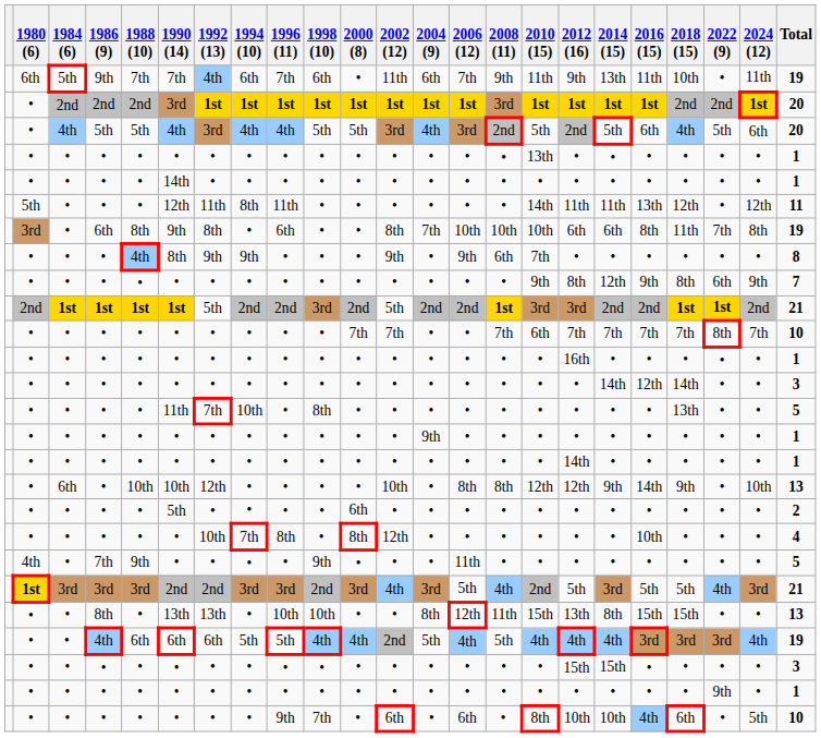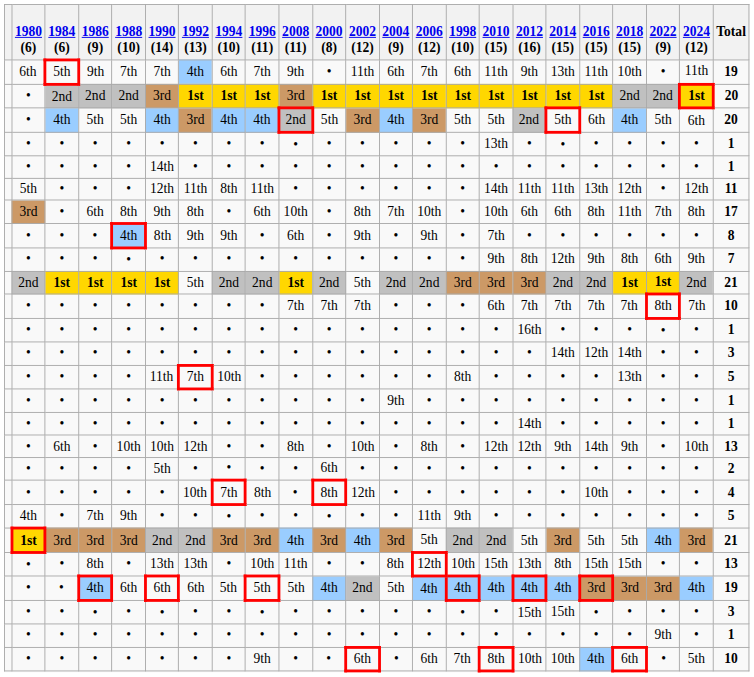 <table class="wikitable shortable" style="text-align:center; font-size:90%">
 <tr>
 <th></th>
 <th><br><a href='#'>1980</a><br>(6)</th>
 <th><br><a href='#'>1984</a><br>(6)</th>
 <th><br><a href='#'>1986</a><br>(9)</th>
 <th><br><a href='#'>1988</a><br>(10)</th>
 <th><br><a href='#'>1990</a><br>(14)</th>
 <th><br><a href='#'>1992</a><br>(13)</th>
 <th><br><a href='#'>1994</a><br>(10)</th>
 <th><br><a href='#'>1996</a><br>(11)</th>
-<th><br><a href='#'>1998</a><br>(10)</th>
+<th><br><a href='#'>2008</a><br>(11)</th>
 <th><br><a href='#'>2000</a><br>(8)</th>
 <th><br><a href='#'>2002</a><br>(12)</th>
 <th><br><a href='#'>2004</a><br>(9)</th>
 <th><br><a href='#'>2006</a><br>(12)</th>
-<th><br><a href='#'>2008</a><br>(11)</th>
+<th><br><a href='#'>1998</a><br>(10)</th>
 <th><br><a href='#'>2010</a><br>(15)</th>
 <th><br><a href='#'>2012</a><br>(16)</th>
 <th><br><a href='#'>2014</a><br>(15)</th>
 <th><br><a href='#'>2016</a><br>(15)</th>
 <th><br><a href='#'>2018</a><br>(15)</th>
 <th><br><a href='#'>2022</a><br>(9)</th>
 <th><br><a href='#'>2024</a><br>(12)</th>
 <th>Total</th>
 </tr>
 <tr>
 <td align=left></td>
 <td>6th</td>
 <td style="border:3px solid red">5th</td>
 <td>9th</td>
 <td>7th</td>
 <td>7th</td>
 <td bgcolor="9acdff">4th</td>
 <td>6th</td>
 <td>7th</td>
-<td>6th</td>
+<td>9th</td>
 <td>•</td>
 <td>11th</td>
 <td>6th</td>
 <td>7th</td>
-<td>9th</td>
+<td>6th</td>
 <td>11th</td>
 <td>9th</td>
 <td>13th</td>
 <td>11th</td>
 <td>10th</td>
 <td>•</td>
 <td>11th</td>
 <td><strong>19</strong></td>
 </tr>
 <tr>
 <td align=left></td>
 <td>•</td>
 <td bgcolor=silver>2nd</td>
 <td bgcolor=silver>2nd</td>
 <td bgcolor=silver>2nd</td>
 <td bgcolor=#cc9966>3rd</td>
 <td bgcolor=gold><strong>1st</strong></td>
 <td bgcolor=gold><strong>1st</strong></td>
 <td bgcolor=gold><strong>1st</strong></td>
+<td bgcolor=#cc9966>3rd</td>
 <td bgcolor=gold><strong>1st</strong></td>
 <td bgcolor=gold><strong>1st</strong></td>
 <td bgcolor=gold><strong>1st</strong></td>
 <td bgcolor=gold><strong>1st</strong></td>
 <td bgcolor=gold><strong>1st</strong></td>
-<td bgcolor=#cc9966>3rd</td>
 <td bgcolor=gold><strong>1st</strong></td>
 <td bgcolor=gold><strong>1st</strong></td>
 <td bgcolor=gold><strong>1st</strong></td>
 <td bgcolor=gold><strong>1st</strong></td>
 <td bgcolor=silver>2nd</td>
 <td bgcolor=silver>2nd</td>
 <td style="border:3px solid red" bgcolor=gold><strong>1st</strong></td>
 <td><strong>20</strong></td>
 </tr>
 <tr>
 <td align=left></td>
 <td>•</td>
 <td bgcolor="9acdff">4th</td>
 <td>5th</td>
 <td>5th</td>
 <td bgcolor="9acdff">4th</td>
 <td bgcolor=#cc9966>3rd</td>
 <td bgcolor="9acdff">4th</td>
 <td bgcolor="9acdff">4th</td>
-<td>5th</td>
+<td style="border:3px solid red" bgcolor=silver>2nd</td>
 <td>5th</td>
 <td bgcolor=#cc9966>3rd</td>
 <td bgcolor="9acdff">4th</td>
 <td bgcolor=#cc9966>3rd</td>
-<td style="border:3px solid red" bgcolor=silver>2nd</td>
+<td>5th</td>
 <td>5th</td>
 <td bgcolor=silver>2nd</td>
 <td style="border:3px solid red">5th</td>
 <td>6th</td>
 <td bgcolor="9acdff">4th</td>
 <td>5th</td>
 <td>6th</td>
 <td><strong>20</strong></td>
 </tr>
 <tr>
 <td align=left></td>
 <td>•</td>
 <td>•</td>
 <td>•</td>
 <td>•</td>
 <td>•</td>
 <td>•</td>
 <td>•</td>
 <td>•</td>
 <td>•</td>
 <td>•</td>
 <td>•</td>
 <td>•</td>
 <td>•</td>
 <td>•</td>
 <td>13th</td>
 <td>•</td>
 <td>•</td>
 <td>•</td>
 <td>•</td>
 <td>•</td>
 <td>•</td>
 <td><strong>1</strong></td>
 </tr>
 <tr>
 <td align=left></td>
 <td>•</td>
 <td>•</td>
 <td>•</td>
 <td>•</td>
 <td>14th</td>
 <td>•</td>
 <td>•</td>
 <td>•</td>
 <td>•</td>
 <td>•</td>
 <td>•</td>
 <td>•</td>
 <td>•</td>
 <td>•</td>
 <td>•</td>
 <td>•</td>
 <td>•</td>
 <td>•</td>
 <td>•</td>
 <td>•</td>
 <td>•</td>
 <td><strong>1</strong></td>
 </tr>
 <tr>
 <td align=left></td>
 <td>5th</td>
 <td>•</td>
 <td>•</td>
 <td>•</td>
 <td>12th</td>
 <td>11th</td>
 <td>8th</td>
 <td>11th</td>
 <td>•</td>
 <td>•</td>
 <td>•</td>
 <td>•</td>
 <td>•</td>
 <td>•</td>
 <td>14th</td>
 <td>11th</td>
 <td>11th</td>
 <td>13th</td>
 <td>12th</td>
 <td>•</td>
 <td>12th</td>
 <td><strong>11</strong></td>
 </tr>
 <tr>
 <td align=left></td>
 <td bgcolor=#cc9966>3rd</td>
 <td>•</td>
 <td>6th</td>
 <td>8th</td>
 <td>9th</td>
 <td>8th</td>
 <td>•</td>
 <td>6th</td>
-<td>•</td>
+<td>10th</td>
 <td>•</td>
 <td>8th</td>
 <td>7th</td>
 <td>10th</td>
-<td>10th</td>
+<td>•</td>
 <td>10th</td>
 <td>6th</td>
 <td>6th</td>
 <td>8th</td>
 <td>11th</td>
 <td>7th</td>
 <td>8th</td>
-<td><strong>19</strong></td>
+<td><strong>17</strong></td>
 </tr>
 <tr>
 <td align=left></td>
 <td>•</td>
 <td>•</td>
 <td>•</td>
 <td style="border:3px solid red" bgcolor="9acdff">4th</td>
 <td>8th</td>
 <td>9th</td>
 <td>9th</td>
 <td>•</td>
-<td>•</td>
+<td>6th</td>
 <td>•</td>
 <td>9th</td>
 <td>•</td>
 <td>9th</td>
-<td>6th</td>
+<td>•</td>
 <td>7th</td>
 <td>•</td>
 <td>•</td>
 <td>•</td>
 <td>•</td>
 <td>•</td>
 <td>•</td>
 <td><strong>8</strong></td>
 </tr>
 <tr>
 <td align=left></td>
 <td>•</td>
 <td>•</td>
 <td>•</td>
 <td>•</td>
 <td>•</td>
 <td>•</td>
 <td>•</td>
 <td>•</td>
 <td>•</td>
 <td>•</td>
 <td>•</td>
 <td>•</td>
 <td>•</td>
 <td>•</td>
 <td>9th</td>
 <td>8th</td>
 <td>12th</td>
 <td>9th</td>
 <td>8th</td>
 <td>6th</td>
 <td>9th</td>
 <td><strong>7</strong></td>
 </tr>
 <tr>
 <td align=left></td>
 <td bgcolor=silver>2nd</td>
 <td bgcolor=gold><strong>1st</strong></td>
 <td bgcolor=gold><strong>1st</strong></td>
 <td bgcolor=gold><strong>1st</strong></td>
 <td bgcolor=gold><strong>1st</strong></td>
 <td>5th</td>
 <td bgcolor=silver>2nd</td>
 <td bgcolor=silver>2nd</td>
-<td bgcolor=#cc9966>3rd</td>
+<td bgcolor=gold><strong>1st</strong></td>
 <td bgcolor=silver>2nd</td>
 <td>5th</td>
 <td bgcolor=silver>2nd</td>
 <td bgcolor=silver>2nd</td>
-<td bgcolor=gold><strong>1st</strong></td>
+<td bgcolor=#cc9966>3rd</td>
 <td bgcolor=#cc9966>3rd</td>
 <td bgcolor=#cc9966>3rd</td>
 <td bgcolor=silver>2nd</td>
 <td bgcolor=silver>2nd</td>
 <td bgcolor=gold><strong>1st</strong></td>
 <td bgcolor=gold><strong>1st</strong></td>
 <td bgcolor=silver>2nd</td>
 <td><strong>21</strong></td>
 </tr>
 <tr>
 <td Balign=left></td>
 <td>•</td>
 <td>•</td>
 <td>•</td>
 <td>•</td>
 <td>•</td>
 <td>•</td>
 <td>•</td>
 <td>•</td>
-<td>•</td>
+<td>7th</td>
 <td>7th</td>
 <td>7th</td>
 <td>•</td>
 <td>•</td>
-<td>7th</td>
+<td>•</td>
 <td>6th</td>
 <td>7th</td>
 <td>7th</td>
 <td>7th</td>
 <td>7th</td>
 <td style="border:3px solid red">8th</td>
 <td>7th</td>
 <td><strong>10</strong></td>
 </tr>
 <tr>
 <td align=left></td>
 <td>•</td>
 <td>•</td>
 <td>•</td>
 <td>•</td>
 <td>•</td>
 <td>•</td>
 <td>•</td>
 <td>•</td>
 <td>•</td>
 <td>•</td>
 <td>•</td>
 <td>•</td>
 <td>•</td>
 <td>•</td>
 <td>•</td>
 <td>16th</td>
 <td>•</td>
 <td>•</td>
 <td>•</td>
 <td>•</td>
 <td>•</td>
 <td><strong>1</strong></td>
 </tr>
 <tr>
 <td align=left></td>
 <td>•</td>
 <td>•</td>
 <td>•</td>
 <td>•</td>
 <td>•</td>
 <td>•</td>
 <td>•</td>
 <td>•</td>
 <td>•</td>
 <td>•</td>
 <td>•</td>
 <td>•</td>
 <td>•</td>
 <td>•</td>
 <td>•</td>
 <td>•</td>
 <td>14th</td>
 <td>12th</td>
 <td>14th</td>
 <td>•</td>
 <td>•</td>
 <td><strong>3</strong></td>
 </tr>
 <tr>
 <td align=left></td>
 <td>•</td>
 <td>•</td>
 <td>•</td>
 <td>•</td>
 <td>11th</td>
 <td style="border:3px solid red">7th</td>
 <td>10th</td>
 <td>•</td>
-<td>8th</td>
 <td>•</td>
 <td>•</td>
 <td>•</td>
 <td>•</td>
 <td>•</td>
+<td>8th</td>
 <td>•</td>
 <td>•</td>
 <td>•</td>
 <td>•</td>
 <td>13th</td>
 <td>•</td>
 <td>•</td>
 <td><strong>5</strong></td>
 </tr>
 <tr>
 <td align=left></td>
 <td>•</td>
 <td>•</td>
 <td>•</td>
 <td>•</td>
 <td>•</td>
 <td>•</td>
 <td>•</td>
 <td>•</td>
 <td>•</td>
 <td>•</td>
 <td>•</td>
 <td>9th</td>
 <td>•</td>
 <td>•</td>
 <td>•</td>
 <td>•</td>
 <td>•</td>
 <td>•</td>
 <td>•</td>
 <td>•</td>
 <td>•</td>
 <td><strong>1</strong></td>
 </tr>
 <tr>
 <td align=left></td>
 <td>•</td>
 <td>•</td>
 <td>•</td>
 <td>•</td>
 <td>•</td>
 <td>•</td>
 <td>•</td>
 <td>•</td>
 <td>•</td>
 <td>•</td>
 <td>•</td>
 <td>•</td>
 <td>•</td>
 <td>•</td>
 <td>•</td>
 <td>14th</td>
 <td>•</td>
 <td>•</td>
 <td>•</td>
 <td>•</td>
 <td>•</td>
 <td><strong>1</strong></td>
 </tr>
 <tr>
 <td align=left></td>
 <td>•</td>
 <td>6th</td>
 <td>•</td>
 <td>10th</td>
 <td>10th</td>
 <td>12th</td>
 <td>•</td>
 <td>•</td>
-<td>•</td>
+<td>8th</td>
 <td>•</td>
 <td>10th</td>
 <td>•</td>
 <td>8th</td>
-<td>8th</td>
+<td>•</td>
 <td>12th</td>
 <td>12th</td>
 <td>9th</td>
 <td>14th</td>
 <td>9th</td>
 <td>•</td>
 <td>10th</td>
 <td><strong>13</strong></td>
 </tr>
 <tr>
 <td align=left></td>
 <td>•</td>
 <td>•</td>
 <td>•</td>
 <td>•</td>
 <td>5th</td>
 <td>•</td>
 <td>•</td>
 <td>•</td>
 <td>•</td>
 <td>6th</td>
 <td>•</td>
 <td>•</td>
 <td>•</td>
 <td>•</td>
 <td>•</td>
 <td>•</td>
 <td>•</td>
 <td>•</td>
 <td>•</td>
 <td>•</td>
 <td>•</td>
 <td><strong>2</strong></td>
 </tr>
 <tr>
 <td align=left></td>
 <td>•</td>
 <td>•</td>
 <td>•</td>
 <td>•</td>
 <td>•</td>
 <td>10th</td>
 <td style="border:3px solid red">7th</td>
 <td>8th</td>
 <td>•</td>
 <td style="border:3px solid red">8th</td>
 <td>12th</td>
 <td>•</td>
 <td>•</td>
 <td>•</td>
 <td>•</td>
 <td>•</td>
 <td>•</td>
 <td>10th</td>
 <td>•</td>
 <td>•</td>
 <td>•</td>
 <td><strong>4</strong></td>
 </tr>
 <tr>
 <td align=left></td>
 <td>4th</td>
 <td>•</td>
 <td>7th</td>
 <td>9th</td>
 <td>•</td>
 <td>•</td>
 <td>•</td>
 <td>•</td>
-<td>9th</td>
+<td>•</td>
 <td>•</td>
 <td>•</td>
 <td>•</td>
 <td>11th</td>
-<td>•</td>
+<td>9th</td>
 <td>•</td>
 <td>•</td>
 <td>•</td>
 <td>•</td>
 <td>•</td>
 <td>•</td>
 <td>•</td>
 <td><strong>5</strong></td>
 </tr>
 <tr>
 <td align=left></td>
 <td style="border:3px solid red" bgcolor=gold><strong>1st</strong></td>
 <td bgcolor=#cc9966>3rd</td>
 <td bgcolor=#cc9966>3rd</td>
 <td bgcolor=#cc9966>3rd</td>
 <td bgcolor=silver>2nd</td>
 <td bgcolor=silver>2nd</td>
 <td bgcolor=#cc9966>3rd</td>
 <td bgcolor=#cc9966>3rd</td>
-<td bgcolor=silver>2nd</td>
+<td bgcolor="9acdff">4th</td>
 <td bgcolor=#cc9966>3rd</td>
 <td bgcolor="9acdff">4th</td>
 <td bgcolor=#cc9966>3rd</td>
 <td>5th</td>
-<td bgcolor="9acdff">4th</td>
+<td bgcolor=silver>2nd</td>
 <td bgcolor=silver>2nd</td>
 <td>5th</td>
 <td bgcolor=#cc9966>3rd</td>
 <td>5th</td>
 <td>5th</td>
 <td bgcolor="9acdff">4th</td>
 <td bgcolor=#cc9966>3rd</td>
 <td><strong>21</strong></td>
 </tr>
 <tr>
 <td align=left></td>
 <td>•</td>
 <td>•</td>
 <td>8th</td>
 <td>•</td>
 <td>13th</td>
 <td>13th</td>
 <td>•</td>
 <td>10th</td>
-<td>10th</td>
+<td>11th</td>
 <td>•</td>
 <td>•</td>
 <td>8th</td>
 <td style="border:3px solid red">12th</td>
-<td>11th</td>
+<td>10th</td>
 <td>15th</td>
 <td>13th</td>
 <td>8th</td>
 <td>15th</td>
 <td>15th</td>
 <td>•</td>
 <td>•</td>
 <td><strong>13</strong></td>
 </tr>
 <tr>
 <td align=left></td>
 <td>•</td>
 <td>•</td>
 <td style="border:3px solid red" bgcolor="9acdff">4th</td>
 <td>6th</td>
 <td style="border:3px solid red">6th</td>
 <td>6th</td>
 <td>5th</td>
 <td style="border:3px solid red">5th</td>
-<td style="border:3px solid red" bgcolor="9acdff">4th</td>
+<td>5th</td>
 <td bgcolor="9acdff">4th</td>
 <td bgcolor=silver>2nd</td>
 <td>5th</td>
 <td bgcolor="9acdff">4th</td>
-<td>5th</td>
+<td style="border:3px solid red" bgcolor="9acdff">4th</td>
 <td bgcolor="9acdff">4th</td>
 <td style="border:3px solid red" bgcolor="9acdff">4th</td>
 <td bgcolor="9acdff">4th</td>
 <td style="border:3px solid red" bgcolor=#cc9966>3rd</td>
 <td bgcolor=#cc9966>3rd</td>
 <td bgcolor=#cc9966>3rd</td>
 <td bgcolor="9acdff">4th</td>
 <td><strong>19</strong></td>
 </tr>
 <tr>
 <td align=left></td>
 <td>•</td>
 <td>•</td>
 <td>•</td>
 <td>•</td>
 <td>•</td>
 <td>•</td>
 <td>•</td>
 <td>•</td>
 <td>•</td>
 <td>•</td>
 <td>•</td>
 <td>•</td>
 <td>•</td>
 <td>•</td>
 <td>•</td>
 <td>15th</td>
 <td>15th</td>
 <td>•</td>
 <td>•</td>
 <td>•</td>
 <td>•</td>
 <td><strong>3</strong></td>
 </tr>
 <tr>
 <td align=left></td>
 <td>•</td>
 <td>•</td>
 <td>•</td>
 <td>•</td>
 <td>•</td>
 <td>•</td>
 <td>•</td>
 <td>•</td>
 <td>•</td>
 <td>•</td>
 <td>•</td>
 <td>•</td>
 <td>•</td>
 <td>•</td>
 <td>•</td>
 <td>•</td>
 <td>•</td>
 <td>•</td>
 <td>•</td>
 <td>9th</td>
 <td>•</td>
 <td><strong>1</strong></td>
 </tr>
 <tr>
 <td align=left></td>
 <td>•</td>
 <td>•</td>
 <td>•</td>
 <td>•</td>
 <td>•</td>
 <td>•</td>
 <td>•</td>
 <td>9th</td>
-<td>7th</td>
+<td>•</td>
 <td>•</td>
 <td style="border:3px solid red">6th</td>
 <td>•</td>
 <td>6th</td>
-<td>•</td>
+<td>7th</td>
 <td style="border:3px solid red">8th</td>
 <td>10th</td>
 <td>10th</td>
 <td bgcolor="9acdff">4th</td>
 <td style="border:3px solid red">6th</td>
 <td>•</td>
 <td>5th</td>
 <td><strong>10</strong></td>
 </tr>
 </table>
